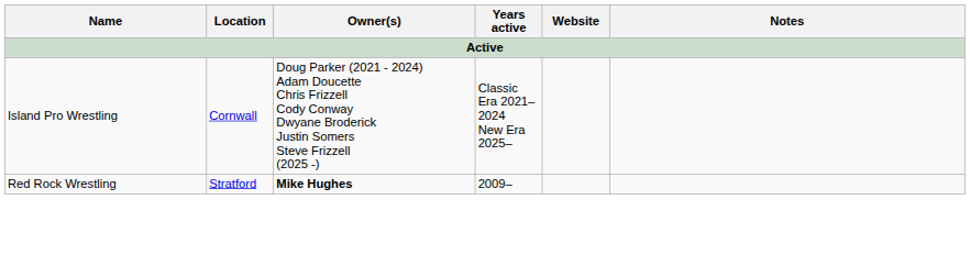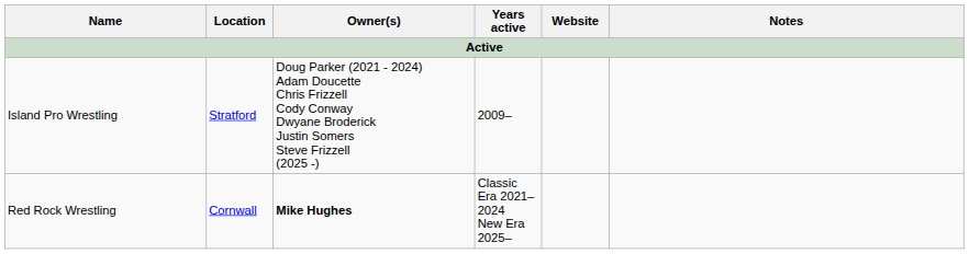 <table class=wikitable>
 <tr>
 <th width="21%">Name</th>
 <th width="7%">Location</th>
 <th width="21%">Owner(s)</th>
 <th width="7%">Years active</th>
 <th width="7%">Website</th>
 <th width="55%">Notes</th>
 </tr>
 <tr>
 <td colspan=7 style="background: #ccddcc;" align=center><strong>Active</strong></td>
 </tr>
 <tr>
 <td>Island Pro Wrestling</td>
-<td><a href='#'>Cornwall</a></td>
+<td><a href='#'>Stratford</a></td>
 <td>Doug Parker (2021 - 2024)<br>Adam Doucette<br>Chris Frizzell<br>Cody Conway<br>Dwyane Broderick<br>Justin Somers<br>Steve Frizzell<br>(2025 -)</td>
-<td>Classic Era 2021–2024<br>New Era 2025–</td>
+<td>2009–</td>
 <td></td>
 <td></td>
 </tr>
 <tr>
 <td>Red Rock Wrestling</td>
-<td><a href='#'>Stratford</a></td>
+<td><a href='#'>Cornwall</a></td>
 <td><strong>Mike Hughes</strong></td>
-<td>2009–</td>
+<td>Classic Era 2021–2024<br>New Era 2025–</td>
 <td></td>
 <td></td>
 </tr>
 </table>
